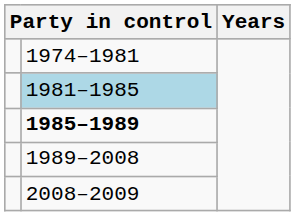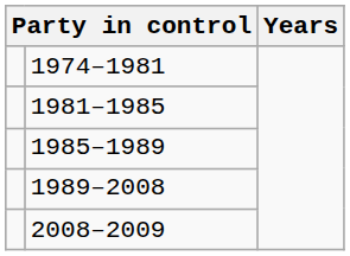 <table class="wikitable">
 <tr>
 <th colspan="2">Party in control</th>
 <th>Years</th>
 </tr>
 <tr>
 <td></td>
 <td>1974–1981</td>
 </tr>
 <tr>
 <td></td>
-<td style="background: lightblue;">1981–1985</td>
+<td>1981–1985</td>
 </tr>
 <tr>
 <td></td>
-<td><strong>1985–1989</strong></td>
+<td>1985–1989</td>
 </tr>
 <tr>
 <td></td>
 <td>1989–2008</td>
 </tr>
 <tr>
 <td></td>
 <td>2008–2009</td>
 </tr>
 </table>
